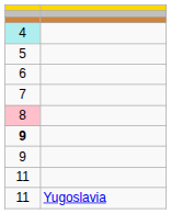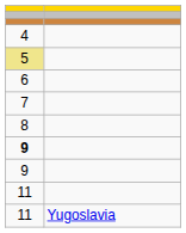 <table class="wikitable" style="width:200px;">
 <tr style="background:gold;">
 <td align=center></td>
 <td></td>
 </tr>
 <tr style="background:silver;">
 <td align=center></td>
 <td></td>
 </tr>
 <tr style="background:peru;">
 <td align=center></td>
 <td></td>
 </tr>
 <tr>
-<td align=center style="background: paleturquoise;">4</td>
+<td align=center>4</td>
 <td></td>
 </tr>
 <tr>
-<td align=center>5</td>
+<td align=center style="background: khaki;">5</td>
 <td></td>
 </tr>
 <tr>
 <td align=center>6</td>
 <td></td>
 </tr>
 <tr>
 <td align=center>7</td>
 <td></td>
 </tr>
 <tr>
-<td align=center style="background: pink;">8</td>
+<td align=center>8</td>
 <td></td>
 </tr>
 <tr>
 <td align=center><strong>9</strong></td>
 <td></td>
 </tr>
 <tr>
 <td align=center>9</td>
 <td></td>
 </tr>
 <tr>
 <td align=center>11</td>
 <td></td>
 </tr>
 <tr>
 <td align=center>11</td>
 <td> <a href='#'>Yugoslavia</a></td>
 </tr>
 </table>
